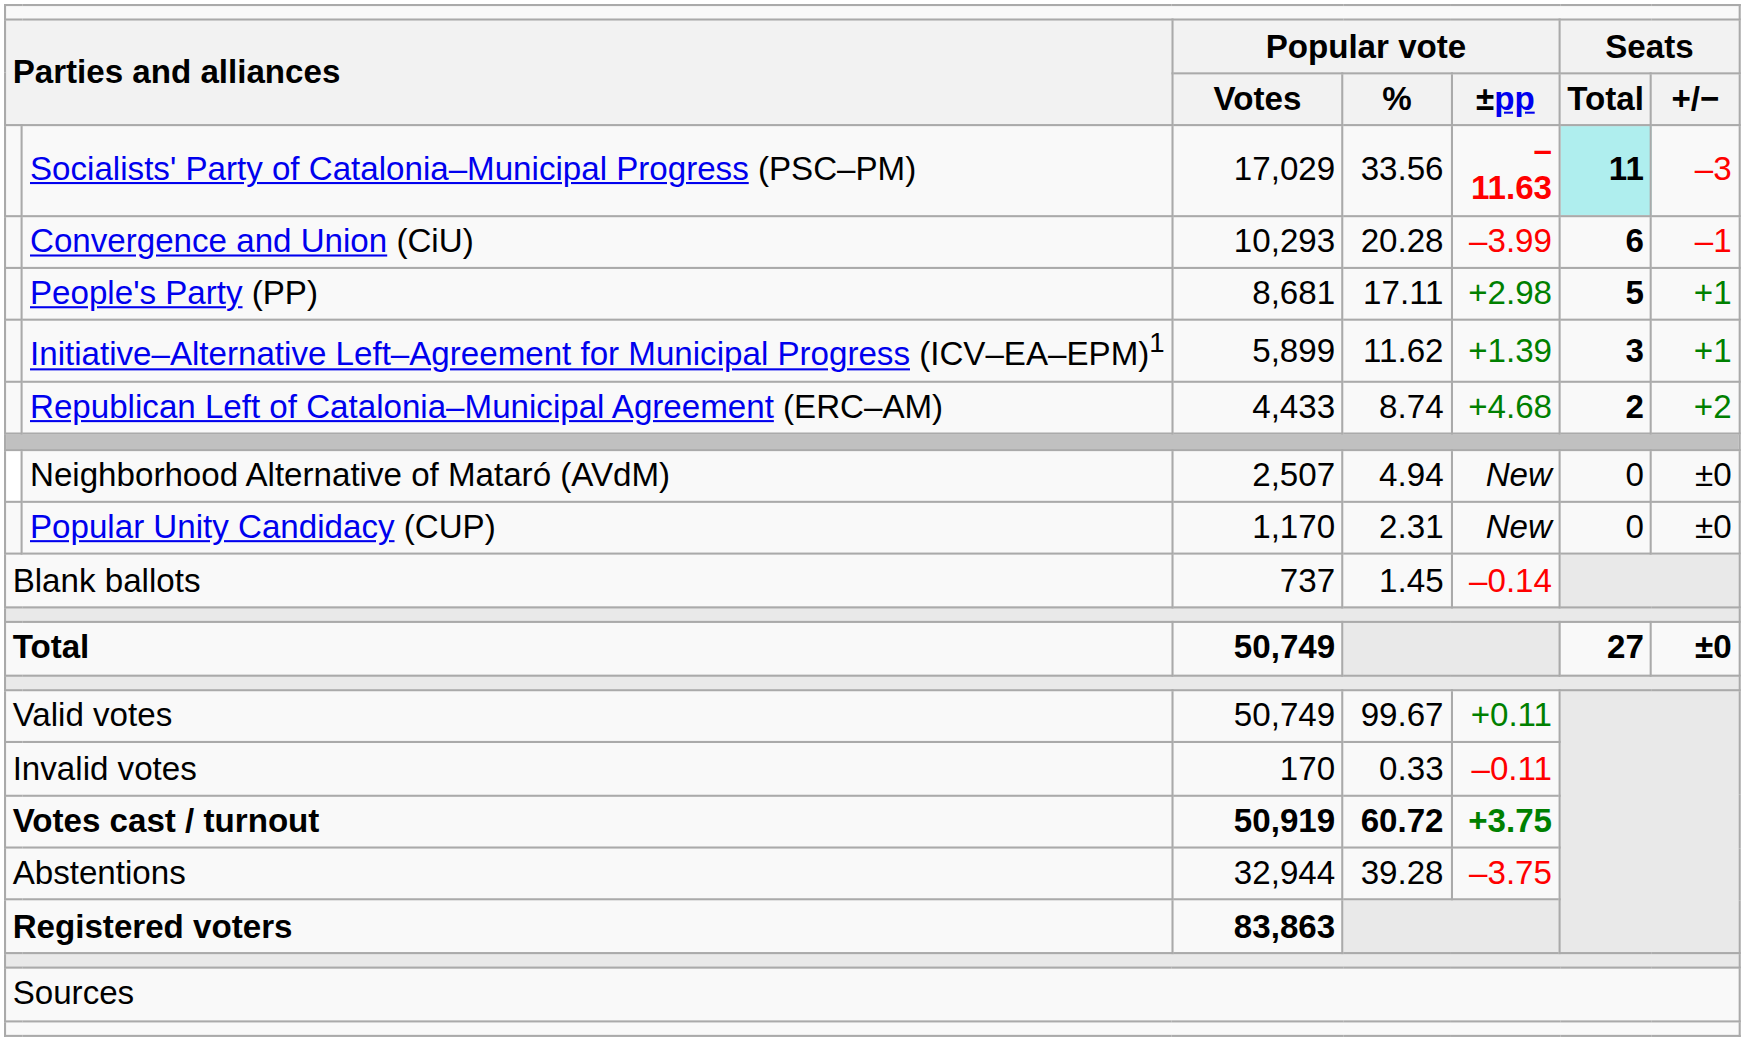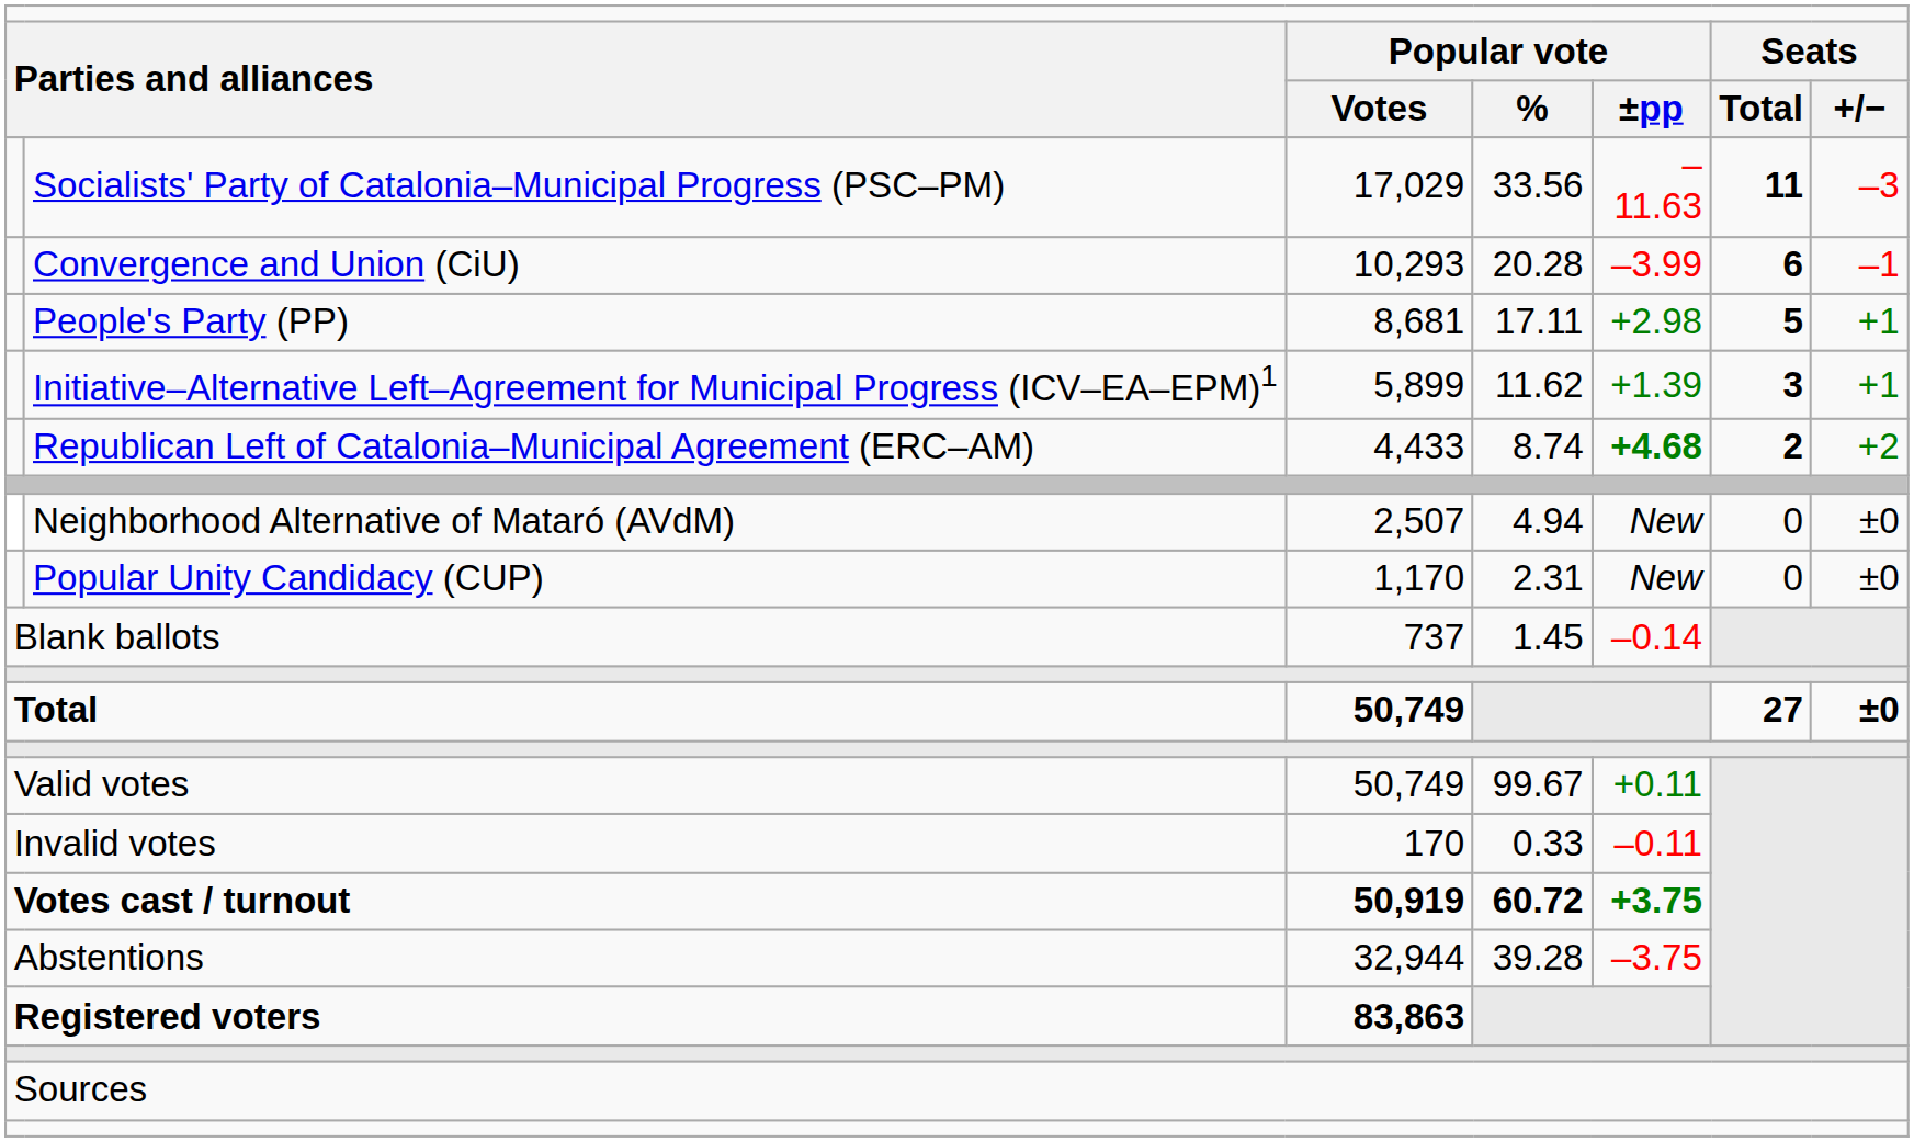 <table class="wikitable" style="text-align:right;">
 <tr>
 <td colspan="7"></td>
 </tr>
 <tr>
 <th style="text-align:left;" rowspan="2" colspan="2" width="525">Parties and alliances</th>
 <th colspan="3">Popular vote</th>
 <th colspan="2">Seats</th>
 </tr>
 <tr>
 <th width="75">Votes</th>
 <th width="45">%</th>
 <th width="45">±<a href='#'>pp</a></th>
 <th width="35">Total</th>
 <th width="35">+/−</th>
 </tr>
 <tr>
 <td width="1" style="color:inherit;background:"></td>
 <td align="left"><a href='#'>Socialists' Party of Catalonia–Municipal Progress</a> (PSC–PM)</td>
 <td>17,029</td>
 <td>33.56</td>
-<td style="color:red;"><strong>–11.63</strong></td>
-<td style="background: paleturquoise;"><strong>11</strong></td>
+<td style="color:red;">–11.63</td>
+<td><strong>11</strong></td>
 <td style="color:red;">–3</td>
 </tr>
 <tr>
 <td style="color:inherit;background:"></td>
 <td align="left"><a href='#'>Convergence and Union</a> (CiU)</td>
 <td>10,293</td>
 <td>20.28</td>
 <td style="color:red;">–3.99</td>
 <td><strong>6</strong></td>
 <td style="color:red;">–1</td>
 </tr>
 <tr>
 <td style="color:inherit;background:"></td>
 <td align="left"><a href='#'>People's Party</a> (PP)</td>
 <td>8,681</td>
 <td>17.11</td>
 <td style="color:green;">+2.98</td>
 <td><strong>5</strong></td>
 <td style="color:green;">+1</td>
 </tr>
 <tr>
 <td style="color:inherit;background:"></td>
 <td align="left"><a href='#'>Initiative–Alternative Left–Agreement for Municipal Progress</a> (ICV–EA–EPM)<sup>1</sup></td>
 <td>5,899</td>
 <td>11.62</td>
 <td style="color:green;">+1.39</td>
 <td><strong>3</strong></td>
 <td style="color:green;">+1</td>
 </tr>
 <tr>
 <td style="color:inherit;background:"></td>
 <td align="left"><a href='#'>Republican Left of Catalonia–Municipal Agreement</a> (ERC–AM)</td>
 <td>4,433</td>
 <td>8.74</td>
-<td style="color:green;">+4.68</td>
+<td style="color:green;"><strong>+4.68</strong></td>
 <td><strong>2</strong></td>
 <td style="color:green;">+2</td>
 </tr>
 <tr>
 <td colspan="7" style="color:inherit;background:#C0C0C0"></td>
 </tr>
 <tr>
 <td bgcolor="white"></td>
 <td align="left">Neighborhood Alternative of Mataró (AVdM)</td>
 <td>2,507</td>
 <td>4.94</td>
 <td><em>New</em></td>
 <td>0</td>
 <td>±0</td>
 </tr>
 <tr>
 <td style="color:inherit;background:"></td>
 <td align="left"><a href='#'>Popular Unity Candidacy</a> (CUP)</td>
 <td>1,170</td>
 <td>2.31</td>
 <td><em>New</em></td>
 <td>0</td>
 <td>±0</td>
 </tr>
 <tr>
 <td align="left" colspan="2">Blank ballots</td>
 <td>737</td>
 <td>1.45</td>
 <td style="color:red;">–0.14</td>
 <td style="color:inherit;background:#E9E9E9" colspan="2"></td>
 </tr>
 <tr>
 <td colspan="7" style="color:inherit;background:#E9E9E9"></td>
 </tr>
 <tr style="font-weight:bold;">
 <td align="left" colspan="2">Total</td>
 <td>50,749</td>
 <td bgcolor="#E9E9E9" colspan="2"></td>
 <td>27</td>
 <td>±0</td>
 </tr>
 <tr>
 <td colspan="7" style="color:inherit;background:#E9E9E9"></td>
 </tr>
 <tr>
 <td align="left" colspan="2">Valid votes</td>
 <td>50,749</td>
 <td>99.67</td>
 <td style="color:green;">+0.11</td>
 <td bgcolor="#E9E9E9" colspan="2" rowspan="5"></td>
 </tr>
 <tr>
 <td align="left" colspan="2">Invalid votes</td>
 <td>170</td>
 <td>0.33</td>
 <td style="color:red;">–0.11</td>
 </tr>
 <tr style="font-weight:bold;">
 <td align="left" colspan="2">Votes cast / turnout</td>
 <td>50,919</td>
 <td>60.72</td>
 <td style="color:green;">+3.75</td>
 </tr>
 <tr>
 <td align="left" colspan="2">Abstentions</td>
 <td>32,944</td>
 <td>39.28</td>
 <td style="color:red;">–3.75</td>
 </tr>
 <tr style="font-weight:bold;">
 <td align="left" colspan="2">Registered voters</td>
 <td>83,863</td>
 <td bgcolor="#E9E9E9" colspan="2"></td>
 </tr>
 <tr>
 <td colspan="7" style="color:inherit;background:#E9E9E9"></td>
 </tr>
 <tr>
 <td align="left" colspan="7">Sources</td>
 </tr>
 <tr>
 <td colspan="7" style="text-align:left; max-width:790px;"></td>
 </tr>
 </table>
